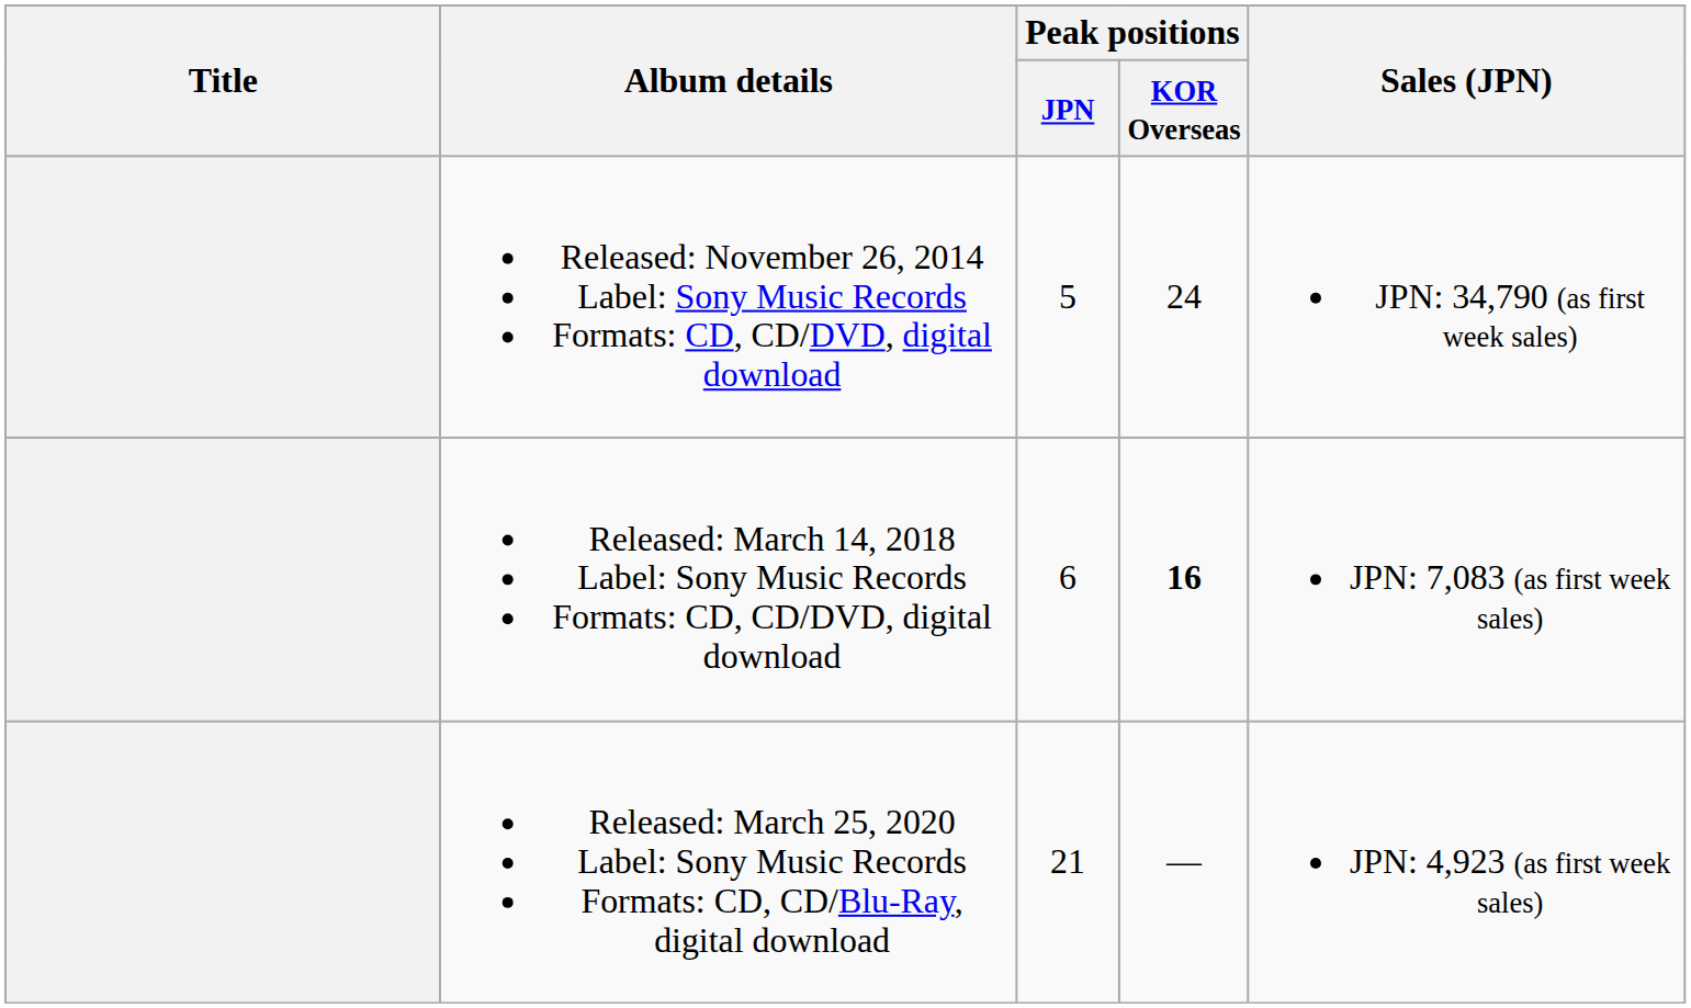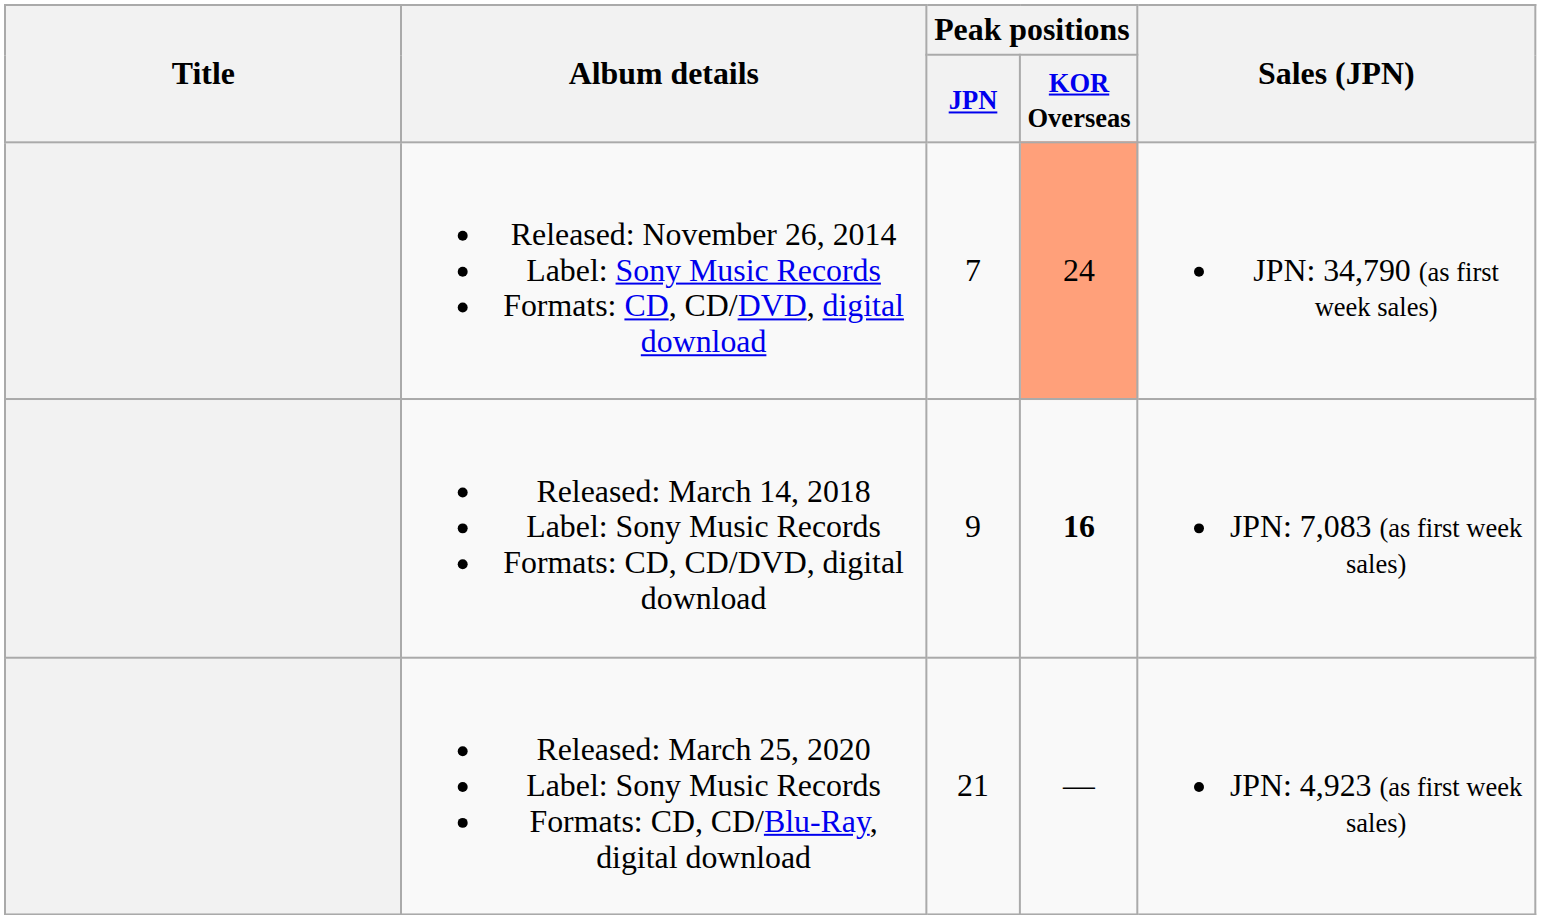 <table class="wikitable plainrowheaders" style="text-align:center;">
 <tr>
 <th style="width:12em;" rowspan="2">Title</th>
 <th style="width:16em;" rowspan="2">Album details</th>
 <th colspan="2">Peak positions</th>
 <th style="width:12em;" rowspan="2">Sales (JPN)</th>
 </tr>
 <tr>
 <th style="width:2.5em;"><small><a href='#'>JPN</a></small><br></th>
 <th style="width:2.5em;"><small><a href='#'>KOR</a><br>Overseas</small><br></th>
 </tr>
 <tr>
 <th scope="row"></th>
 <td><br><ul><li>Released: November 26, 2014 </li><li>Label: <a href='#'>Sony Music Records</a></li><li>Formats: <a href='#'>CD</a>, CD/<a href='#'>DVD</a>, <a href='#'>digital download</a></li></ul></td>
-<td>5</td>
-<td>24</td>
+<td>7</td>
+<td style="background: lightsalmon;">24</td>
 <td><br><ul><li>JPN: 34,790 <small>(as first week sales)</small></li></ul></td>
 </tr>
 <tr>
 <th scope="row"></th>
 <td><br><ul><li>Released: March 14, 2018 </li><li>Label: Sony Music Records</li><li>Formats: CD, CD/DVD, digital download</li></ul></td>
-<td>6</td>
+<td>9</td>
 <td><strong>16</strong></td>
 <td><br><ul><li>JPN: 7,083 <small>(as first week sales)</small></li></ul></td>
 </tr>
 <tr>
 <th scope="row"></th>
 <td><br><ul><li>Released: March 25, 2020 </li><li>Label: Sony Music Records</li><li>Formats: CD, CD/<a href='#'>Blu-Ray</a>, digital download</li></ul></td>
 <td>21</td>
 <td>—</td>
 <td><br><ul><li>JPN: 4,923 <small>(as first week sales)</small></li></ul></td>
 </tr>
 </table>
